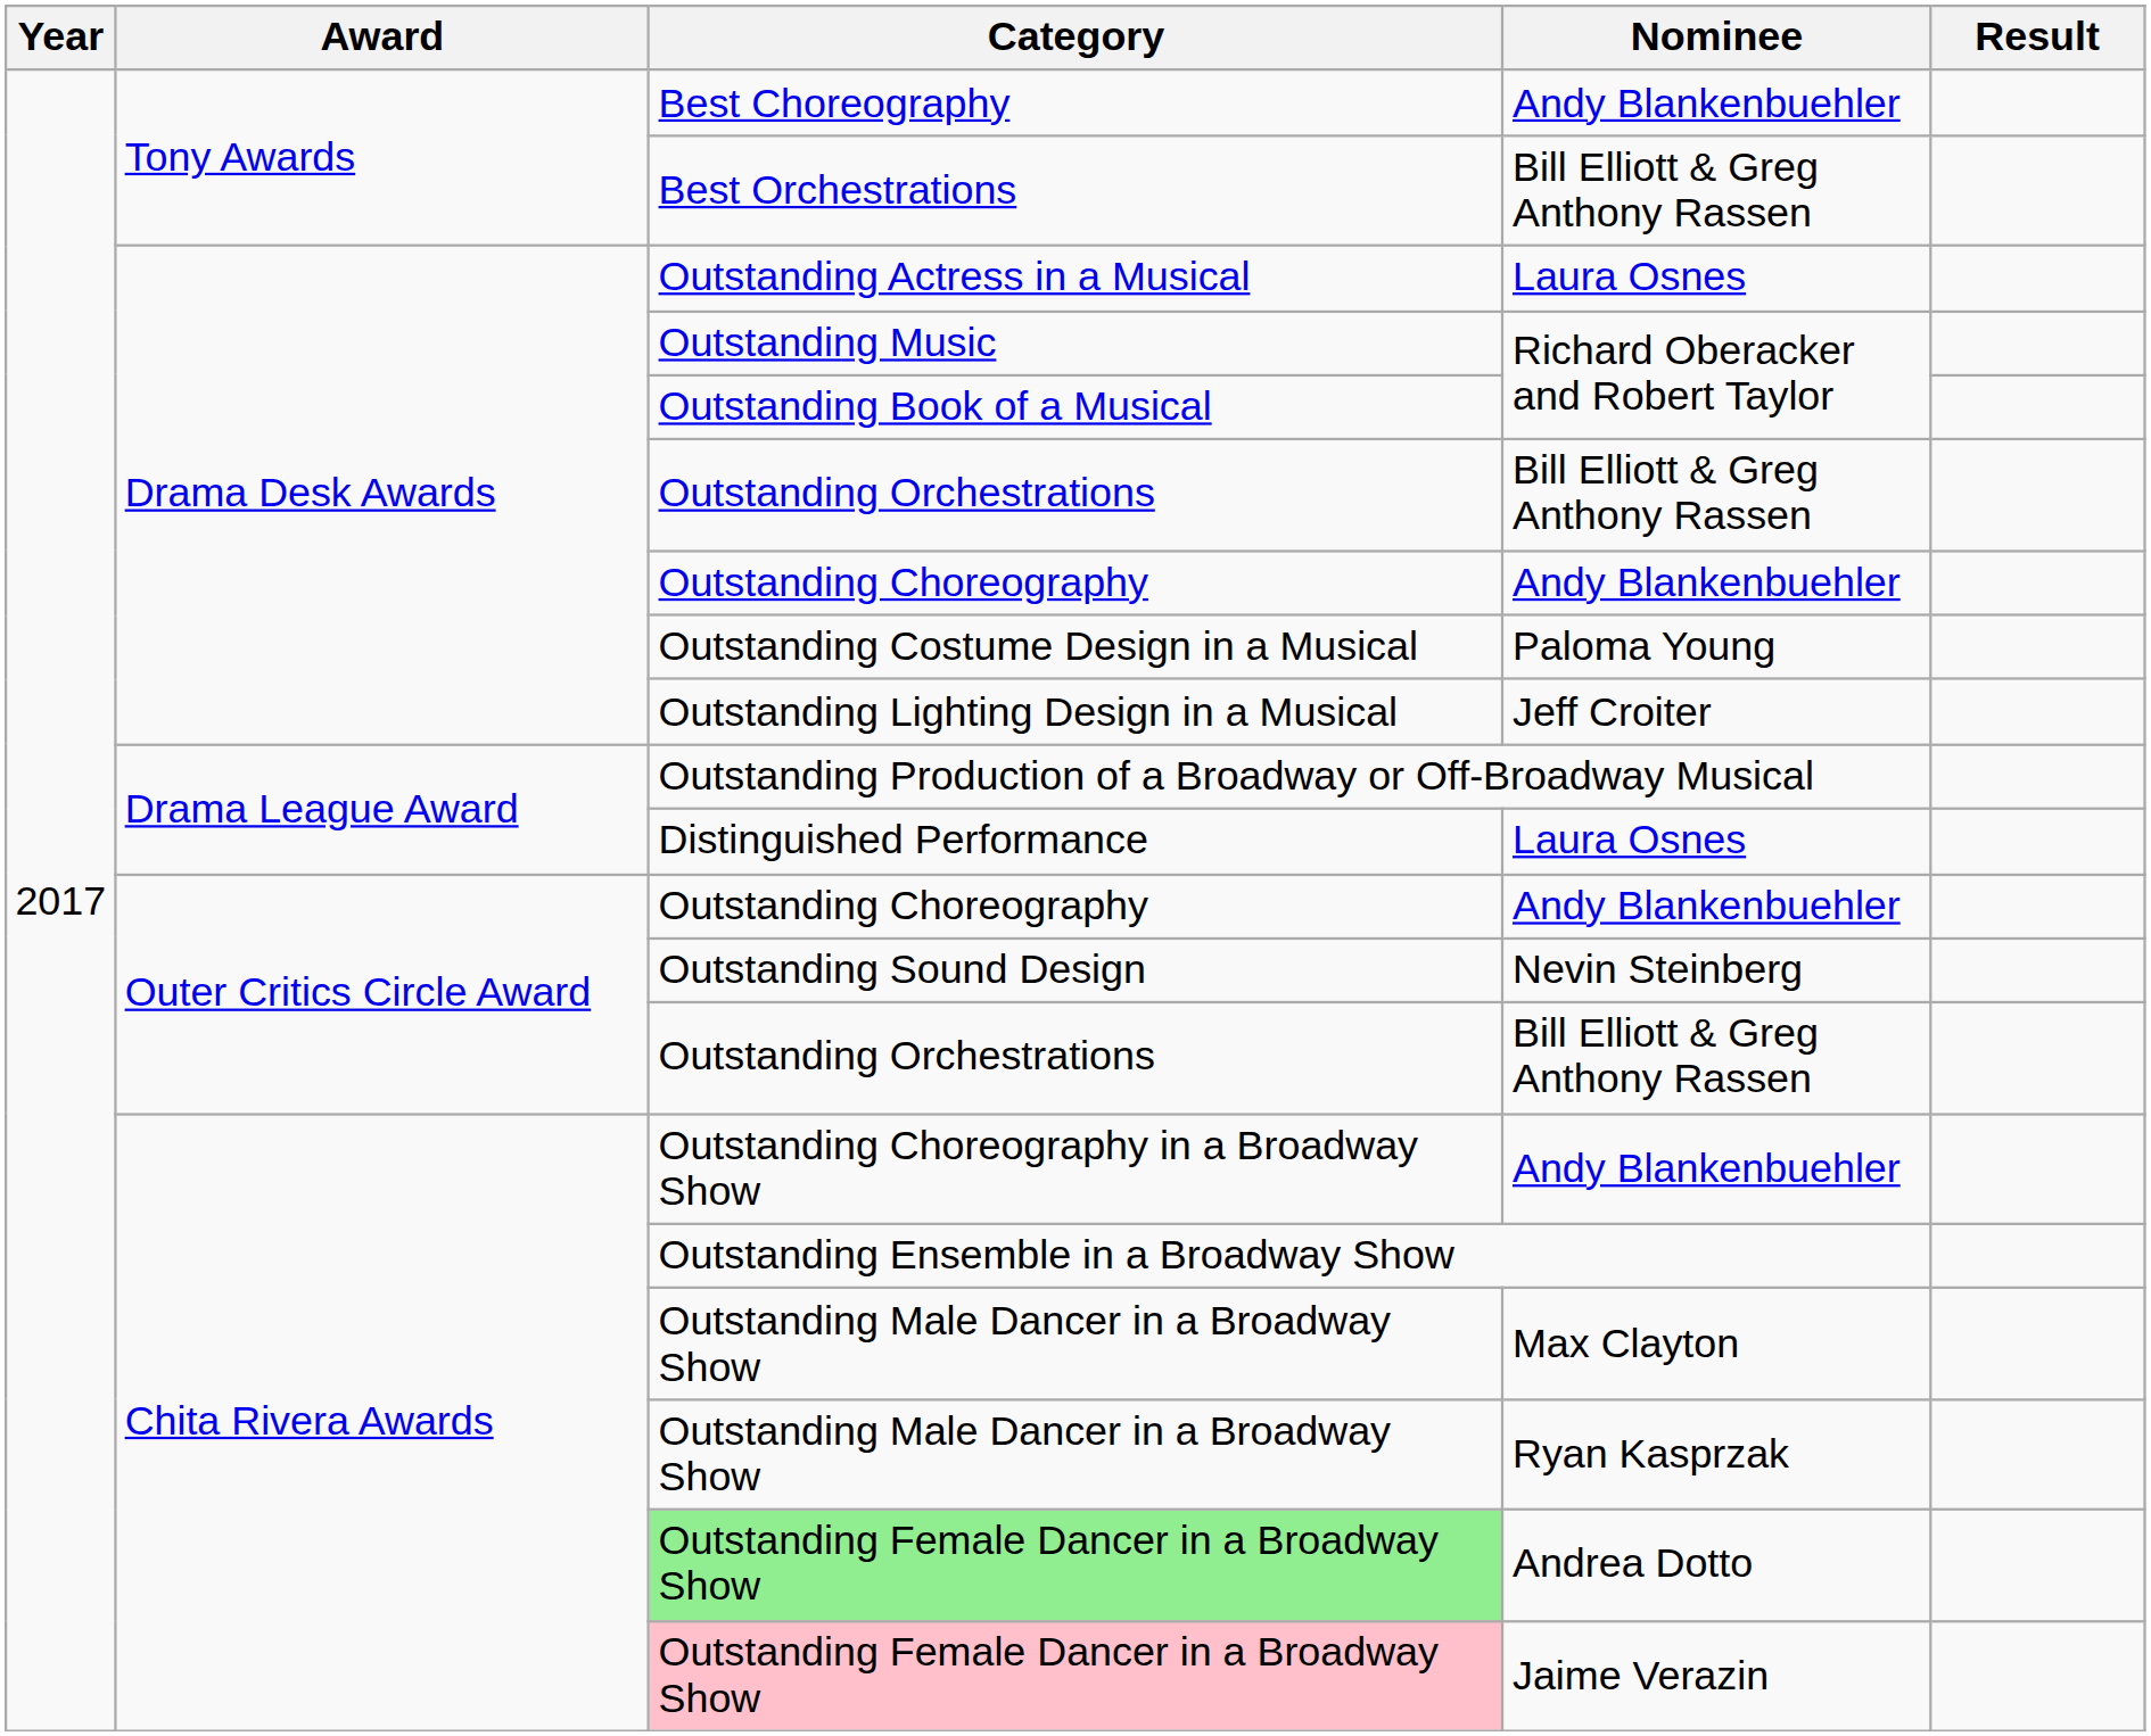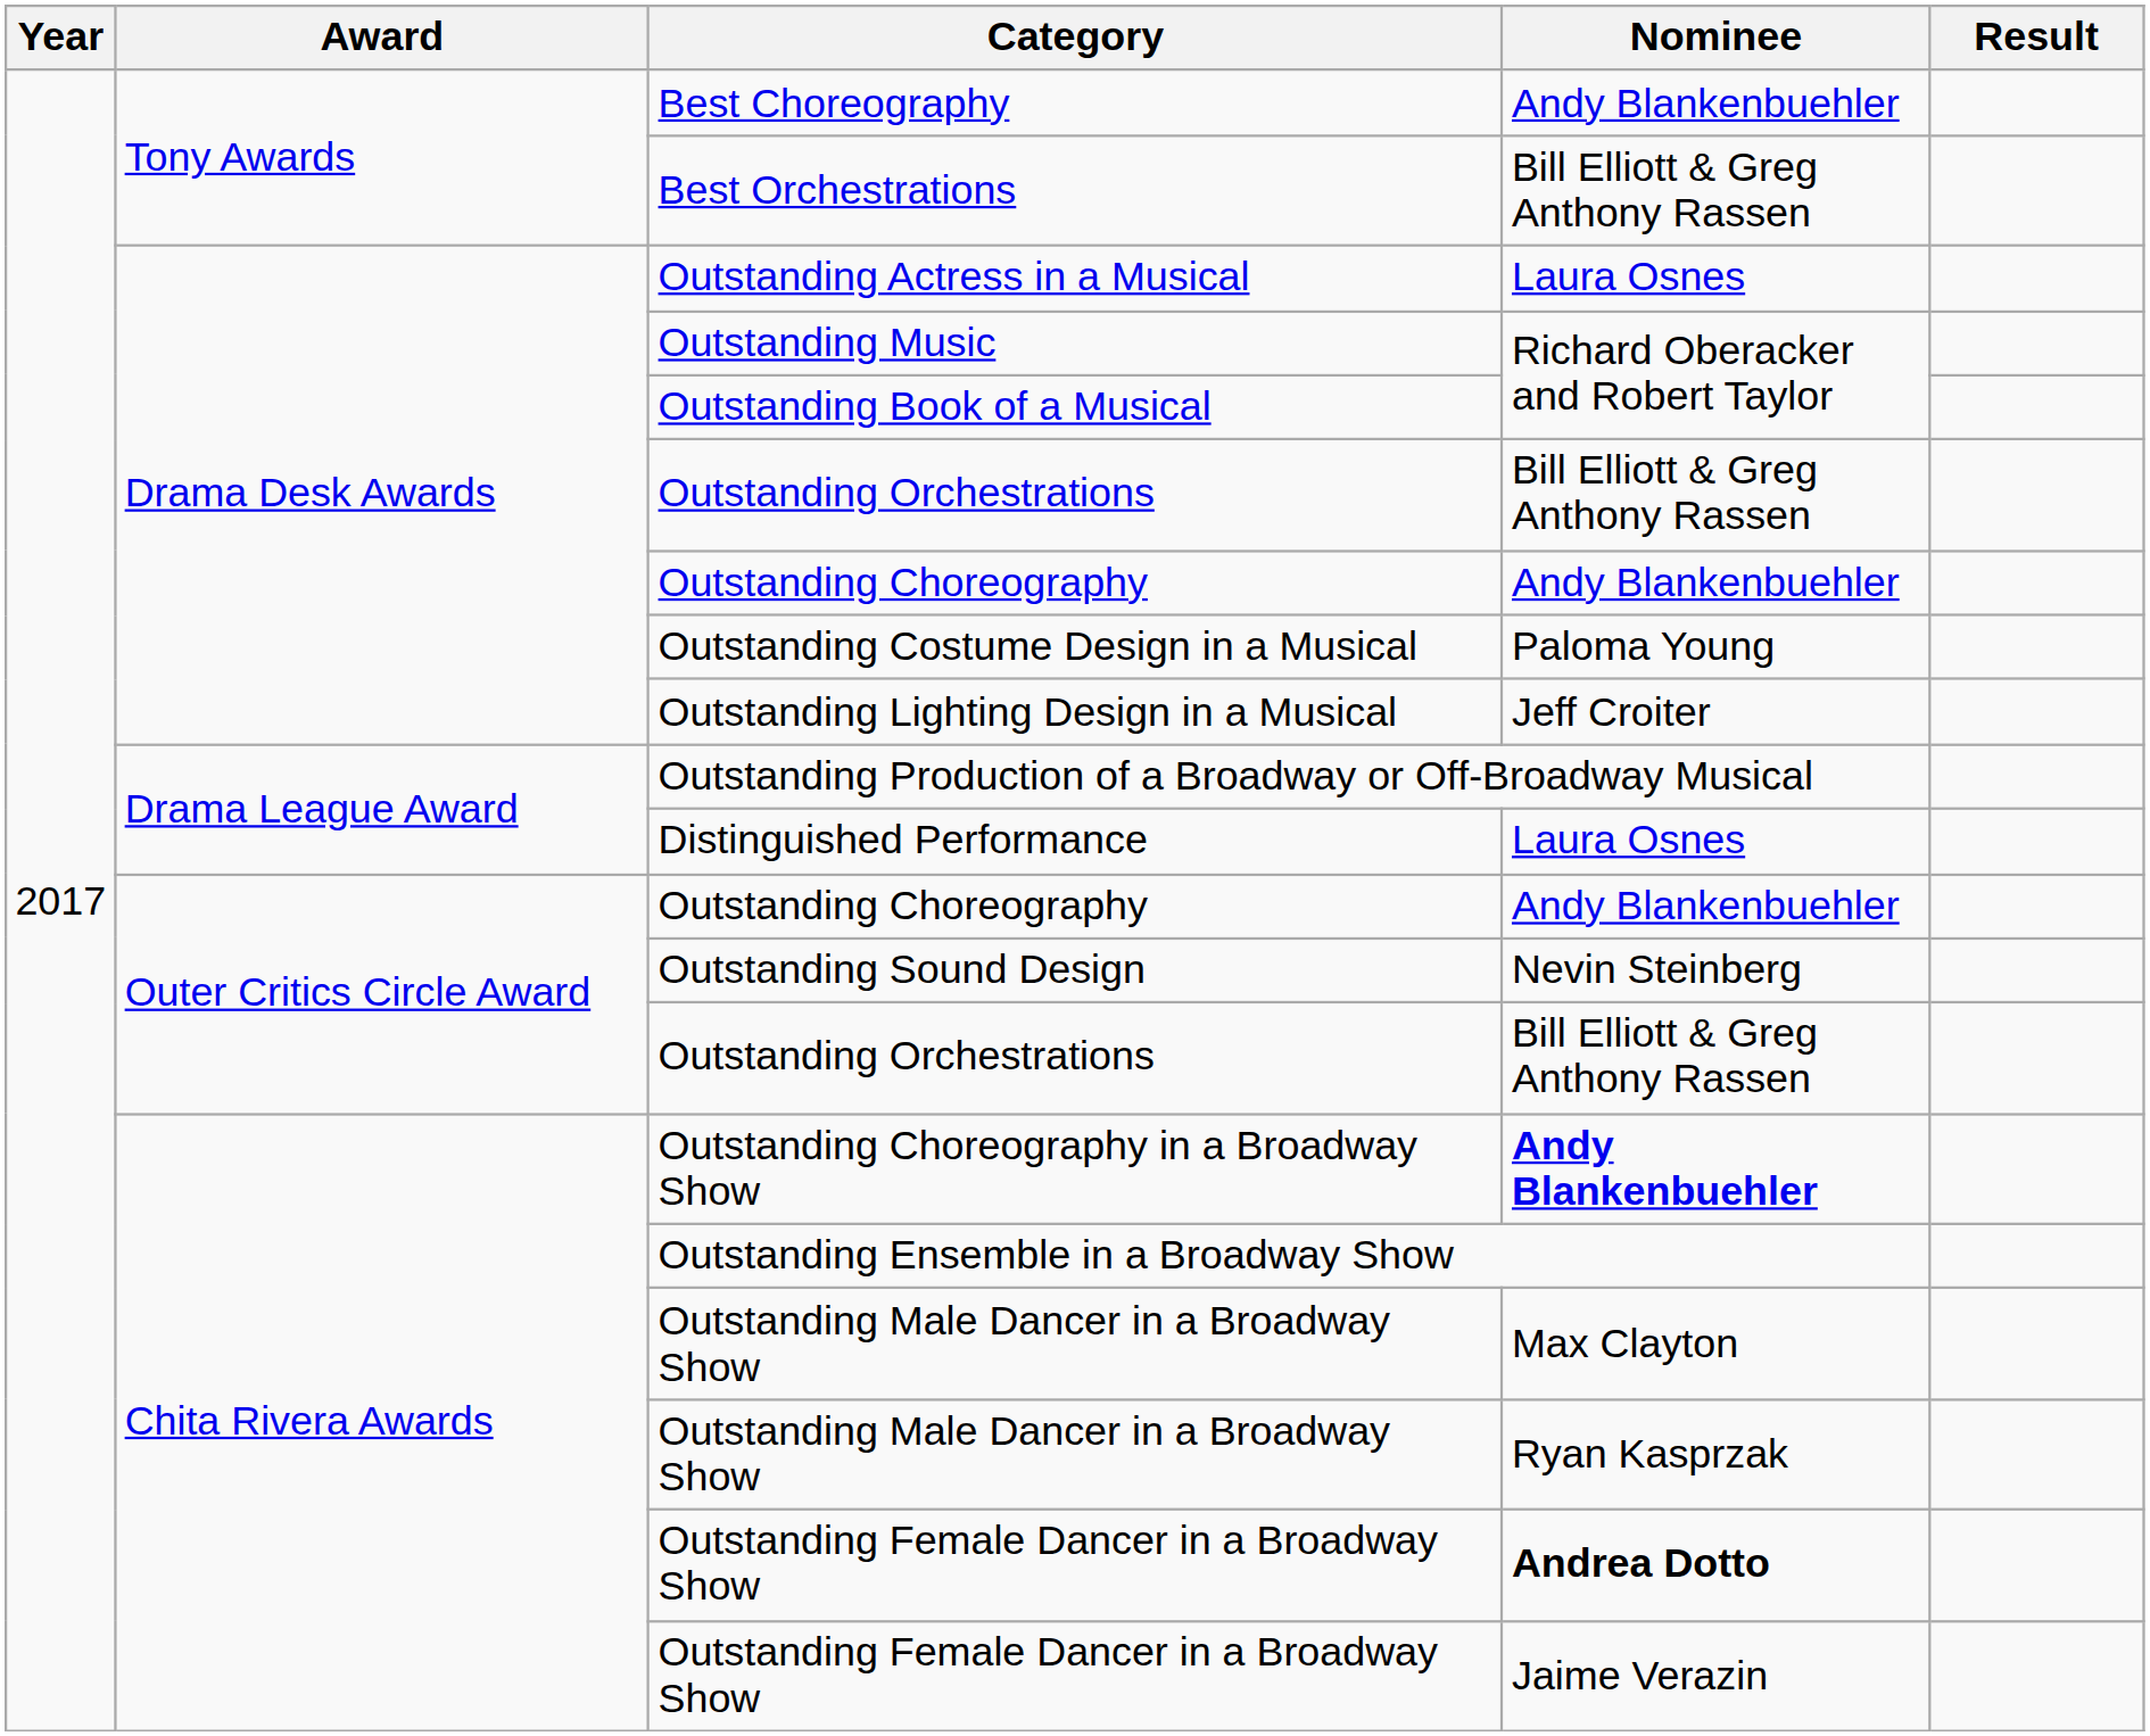 <table class="wikitable" width="95%">
 <tr>
 <th width="5%">Year</th>
 <th width="25%">Award</th>
 <th width="40%">Category</th>
 <th width="20%">Nominee</th>
 <th width="10%">Result</th>
 </tr>
 <tr>
 <td rowspan="20">2017</td>
 <td rowspan="2"><a href='#'>Tony Awards</a></td>
 <td><a href='#'>Best Choreography</a></td>
 <td><a href='#'>Andy Blankenbuehler</a></td>
 <td></td>
 </tr>
 <tr>
 <td><a href='#'>Best Orchestrations</a></td>
 <td>Bill Elliott & Greg Anthony Rassen</td>
 <td></td>
 </tr>
 <tr>
 <td rowspan="7"><a href='#'>Drama Desk Awards</a></td>
 <td><a href='#'>Outstanding Actress in a Musical</a></td>
 <td><a href='#'>Laura Osnes</a></td>
 <td></td>
 </tr>
 <tr>
 <td><a href='#'>Outstanding Music</a></td>
 <td rowspan="2">Richard Oberacker and Robert Taylor</td>
 <td></td>
 </tr>
 <tr>
 <td><a href='#'>Outstanding Book of a Musical</a></td>
 <td></td>
 </tr>
 <tr>
 <td><a href='#'>Outstanding Orchestrations</a></td>
 <td>Bill Elliott & Greg Anthony Rassen</td>
 <td></td>
 </tr>
 <tr>
 <td><a href='#'>Outstanding Choreography</a></td>
 <td><a href='#'>Andy Blankenbuehler</a></td>
 <td></td>
 </tr>
 <tr>
 <td>Outstanding Costume Design in a Musical</td>
 <td>Paloma Young</td>
 <td></td>
 </tr>
 <tr>
 <td>Outstanding Lighting Design in a Musical</td>
 <td>Jeff Croiter</td>
 <td></td>
 </tr>
 <tr>
 <td rowspan="2"><a href='#'>Drama League Award</a></td>
 <td colspan="2">Outstanding Production of a Broadway or Off-Broadway Musical</td>
 <td></td>
 </tr>
 <tr>
 <td>Distinguished Performance</td>
 <td><a href='#'>Laura Osnes</a></td>
 <td></td>
 </tr>
 <tr>
 <td rowspan="3"><a href='#'>Outer Critics Circle Award</a></td>
 <td>Outstanding Choreography</td>
 <td><a href='#'>Andy Blankenbuehler</a></td>
 <td></td>
 </tr>
 <tr>
 <td>Outstanding Sound Design</td>
 <td>Nevin Steinberg</td>
 <td></td>
 </tr>
 <tr>
 <td>Outstanding Orchestrations</td>
 <td>Bill Elliott & Greg Anthony Rassen</td>
 <td></td>
 </tr>
 <tr>
 <td rowspan="6"><a href='#'>Chita Rivera Awards</a></td>
 <td>Outstanding Choreography in a Broadway Show</td>
-<td><a href='#'>Andy Blankenbuehler</a></td>
+<td><strong><a href='#'>Andy Blankenbuehler</a></strong></td>
 <td></td>
 </tr>
 <tr>
 <td colspan="2">Outstanding Ensemble in a Broadway Show</td>
 <td></td>
 </tr>
 <tr>
 <td>Outstanding Male Dancer in a Broadway Show</td>
 <td>Max Clayton</td>
 <td></td>
 </tr>
 <tr>
 <td>Outstanding Male Dancer in a Broadway Show</td>
 <td>Ryan Kasprzak</td>
 <td></td>
 </tr>
 <tr>
-<td style="background: lightgreen;">Outstanding Female Dancer in a Broadway Show</td>
-<td>Andrea Dotto</td>
+<td>Outstanding Female Dancer in a Broadway Show</td>
+<td><strong>Andrea Dotto</strong></td>
 <td></td>
 </tr>
 <tr>
-<td style="background: pink;">Outstanding Female Dancer in a Broadway Show</td>
+<td>Outstanding Female Dancer in a Broadway Show</td>
 <td>Jaime Verazin</td>
 <td></td>
 </tr>
 </table>
